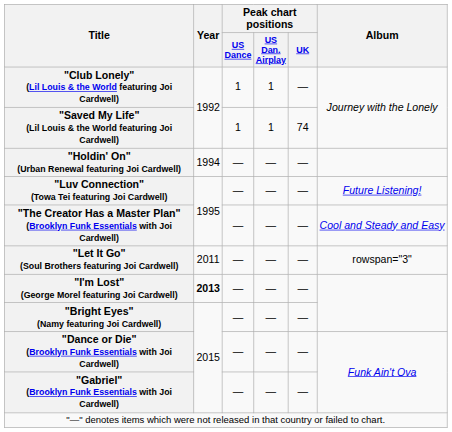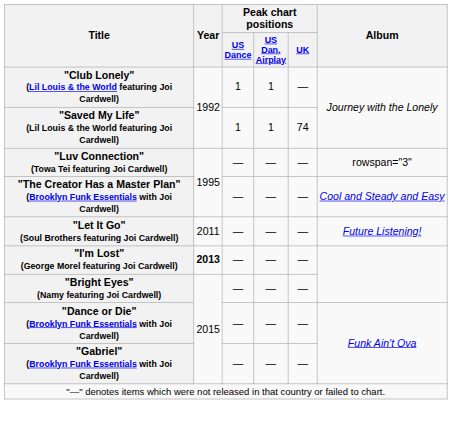 <table class="wikitable plainrowheaders" style="text-align: center;" border="1">
 <tr>
 <th scope="col" rowspan="2" style="width:17.5em;">Title</th>
 <th scope="col" rowspan="2" style="width:1em;">Year</th>
 <th scope="col" colspan="3">Peak chart positions</th>
 <th scope="col" rowspan="2">Album</th>
 </tr>
 <tr>
 <th scope="col" style="width:2.75em;font-size:85%;"><a href='#'>US<br>Dance</a> <br></th>
 <th scope="col" style="width:2.75em;font-size:85%;"><a href='#'>US<br>Dan. Airplay</a> <br></th>
 <th scope="col" style="width:2.75em;font-size:85%;"><a href='#'>UK</a> <br></th>
 </tr>
 <tr>
 <th scope="row">"Club Lonely"<br> <small>(<a href='#'>Lil Louis & the World</a> featuring Joi Cardwell)</small></th>
 <td rowspan="2">1992</td>
 <td>1</td>
 <td>1</td>
 <td>—</td>
 <td rowspan="2"><em>Journey with the Lonely</em></td>
 </tr>
 <tr>
 <th scope="row">"Saved My Life"<br> <small>(Lil Louis & the World featuring Joi Cardwell)</small></th>
 <td>1</td>
 <td>1</td>
 <td>74</td>
 </tr>
 <tr>
-<th scope="row">"Holdin' On"<br> <small>(Urban Renewal featuring Joi Cardwell)</small></th>
-<td>1994</td>
-<td>—</td>
-<td>—</td>
-<td>—</td>
-<td></td>
-</tr>
-<tr>
 <th scope="row">"Luv Connection"<br> <small>(Towa Tei featuring Joi Cardwell)</small></th>
 <td rowspan="2">1995</td>
 <td>—</td>
 <td>—</td>
 <td>—</td>
-<td><em><a href='#'>Future Listening!</a></em></td>
+<td>rowspan="3" </td>
 </tr>
 <tr>
 <th scope="row">"The Creator Has a Master Plan"<br> <small>(<a href='#'>Brooklyn Funk Essentials</a> with Joi Cardwell)</small></th>
 <td>—</td>
 <td>—</td>
 <td>—</td>
 <td><em><a href='#'>Cool and Steady and Easy</a></em></td>
 </tr>
 <tr>
 <th scope="row">"Let It Go"<br> <small>(Soul Brothers featuring Joi Cardwell)</small></th>
 <td>2011</td>
 <td>—</td>
 <td>—</td>
 <td>—</td>
-<td>rowspan="3" </td>
+<td><em><a href='#'>Future Listening!</a></em></td>
 </tr>
 <tr>
 <th scope="row">"I'm Lost"<br> <small>(George Morel featuring Joi Cardwell)</small></th>
 <td><strong>2013</strong></td>
 <td>—</td>
 <td>—</td>
 <td>—</td>
 </tr>
 <tr>
 <th scope="row">"Bright Eyes"<br> <small>(Namy featuring Joi Cardwell)</small></th>
 <td rowspan="3">2015</td>
 <td>—</td>
 <td>—</td>
 <td>—</td>
 </tr>
 <tr>
 <th scope="row">"Dance or Die"<br> <small>(<a href='#'>Brooklyn Funk Essentials</a> with Joi Cardwell)</small></th>
 <td>—</td>
 <td>—</td>
 <td>—</td>
 <td rowspan="2"><em><a href='#'>Funk Ain't Ova</a></em></td>
 </tr>
 <tr>
 <th scope="row">"Gabriel"<br> <small>(<a href='#'>Brooklyn Funk Essentials</a> with Joi Cardwell)</small></th>
 <td>—</td>
 <td>—</td>
 <td>—</td>
 </tr>
 <tr>
 <td colspan="6" align="center" style="font-size:90%;">"—" denotes items which were not released in that country or failed to chart.</td>
 </tr>
 </table>
